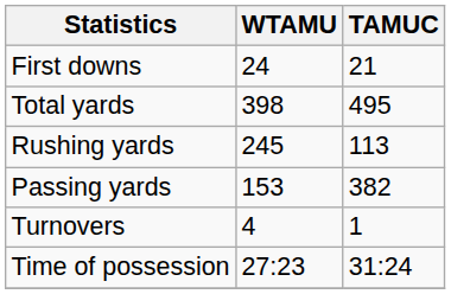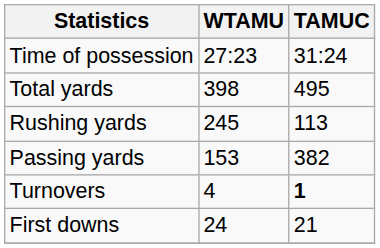 <table class="wikitable">
 <tr>
 <th>Statistics</th>
 <th>WTAMU</th>
 <th>TAMUC</th>
 </tr>
 <tr>
-<td>First downs</td>
-<td>24</td>
-<td>21</td>
+<td>Time of possession</td>
+<td>27:23</td>
+<td>31:24</td>
 </tr>
 <tr>
 <td>Total yards</td>
 <td>398</td>
 <td>495</td>
 </tr>
 <tr>
 <td>Rushing yards</td>
 <td>245</td>
 <td>113</td>
 </tr>
 <tr>
 <td>Passing yards</td>
 <td>153</td>
 <td>382</td>
 </tr>
 <tr>
 <td>Turnovers</td>
 <td>4</td>
-<td>1</td>
+<td><strong>1</strong></td>
 </tr>
 <tr>
-<td>Time of possession</td>
-<td>27:23</td>
-<td>31:24</td>
+<td>First downs</td>
+<td>24</td>
+<td>21</td>
 </tr>
 <tr>
 </tr>
 </table>
